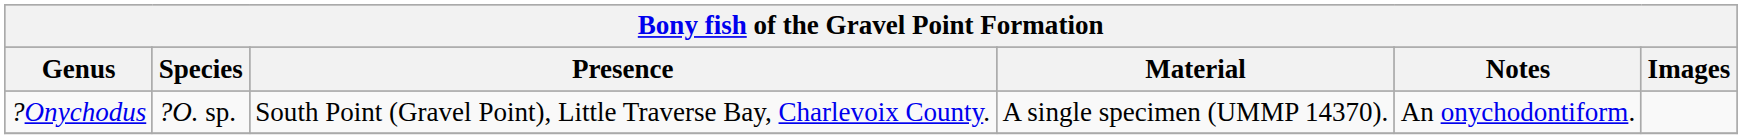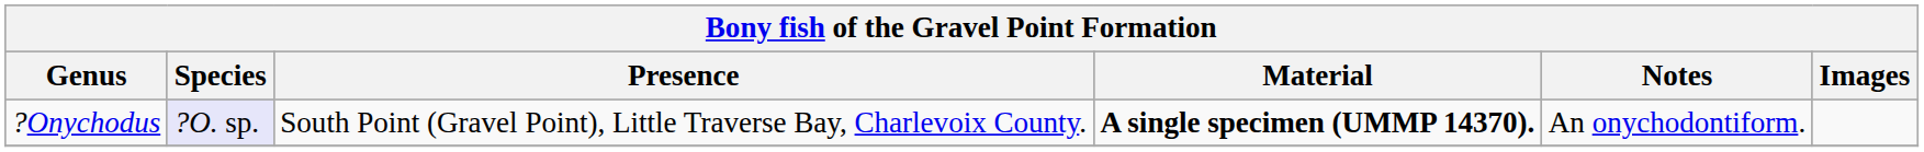 <table class="wikitable" align="center">
 <tr>
 <th colspan="6" align="center"><strong><a href='#'>Bony fish</a> of the Gravel Point Formation</strong></th>
 </tr>
 <tr>
 <th>Genus</th>
 <th>Species</th>
 <th>Presence</th>
 <th><strong>Material</strong></th>
 <th>Notes</th>
 <th>Images</th>
 </tr>
 <tr>
 <td><em>?<a href='#'>Onychodus</a></em></td>
-<td><em>?O.</em> sp.</td>
+<td style="background: lavender;"><em>?O.</em> sp.</td>
 <td>South Point (Gravel Point), Little Traverse Bay, <a href='#'>Charlevoix County</a>.</td>
-<td>A single specimen (UMMP 14370).</td>
+<td><strong>A single specimen (UMMP 14370).</strong></td>
 <td>An <a href='#'>onychodontiform</a>.</td>
 <td></td>
 </tr>
 <tr>
 </tr>
 </table>
